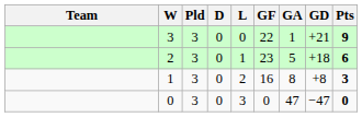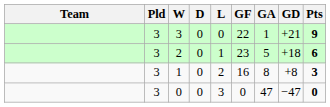 <table class="wikitable" style="text-align: center;">
 <tr>
 <th width="175">Team</th>
+<th width="20">Pld</th>
 <th width="20">W</th>
-<th width="20">Pld</th>
 <th width="20">D</th>
 <th width="20">L</th>
 <th width="20">GF</th>
 <th width="20">GA</th>
 <th width="20">GD</th>
 <th width="20">Pts</th>
 </tr>
 <tr bgcolor=#ccffcc>
 <td align=left></td>
 <td>3</td>
 <td>3</td>
 <td>0</td>
 <td>0</td>
 <td>22</td>
 <td>1</td>
 <td>+21</td>
 <td><strong>9</strong></td>
 </tr>
 <tr bgcolor=#ccffcc>
 <td align=left></td>
+<td>3</td>
 <td>2</td>
-<td>3</td>
 <td>0</td>
 <td>1</td>
 <td>23</td>
 <td>5</td>
 <td>+18</td>
 <td><strong>6</strong></td>
 </tr>
 <tr>
 <td align=left></td>
+<td>3</td>
 <td>1</td>
-<td>3</td>
 <td>0</td>
 <td>2</td>
 <td>16</td>
 <td>8</td>
 <td>+8</td>
 <td><strong>3</strong></td>
 </tr>
 <tr>
 <td align=left></td>
+<td>3</td>
 <td>0</td>
-<td>3</td>
 <td>0</td>
 <td>3</td>
 <td>0</td>
 <td>47</td>
 <td>−47</td>
 <td><strong>0</strong></td>
 </tr>
 </table>
